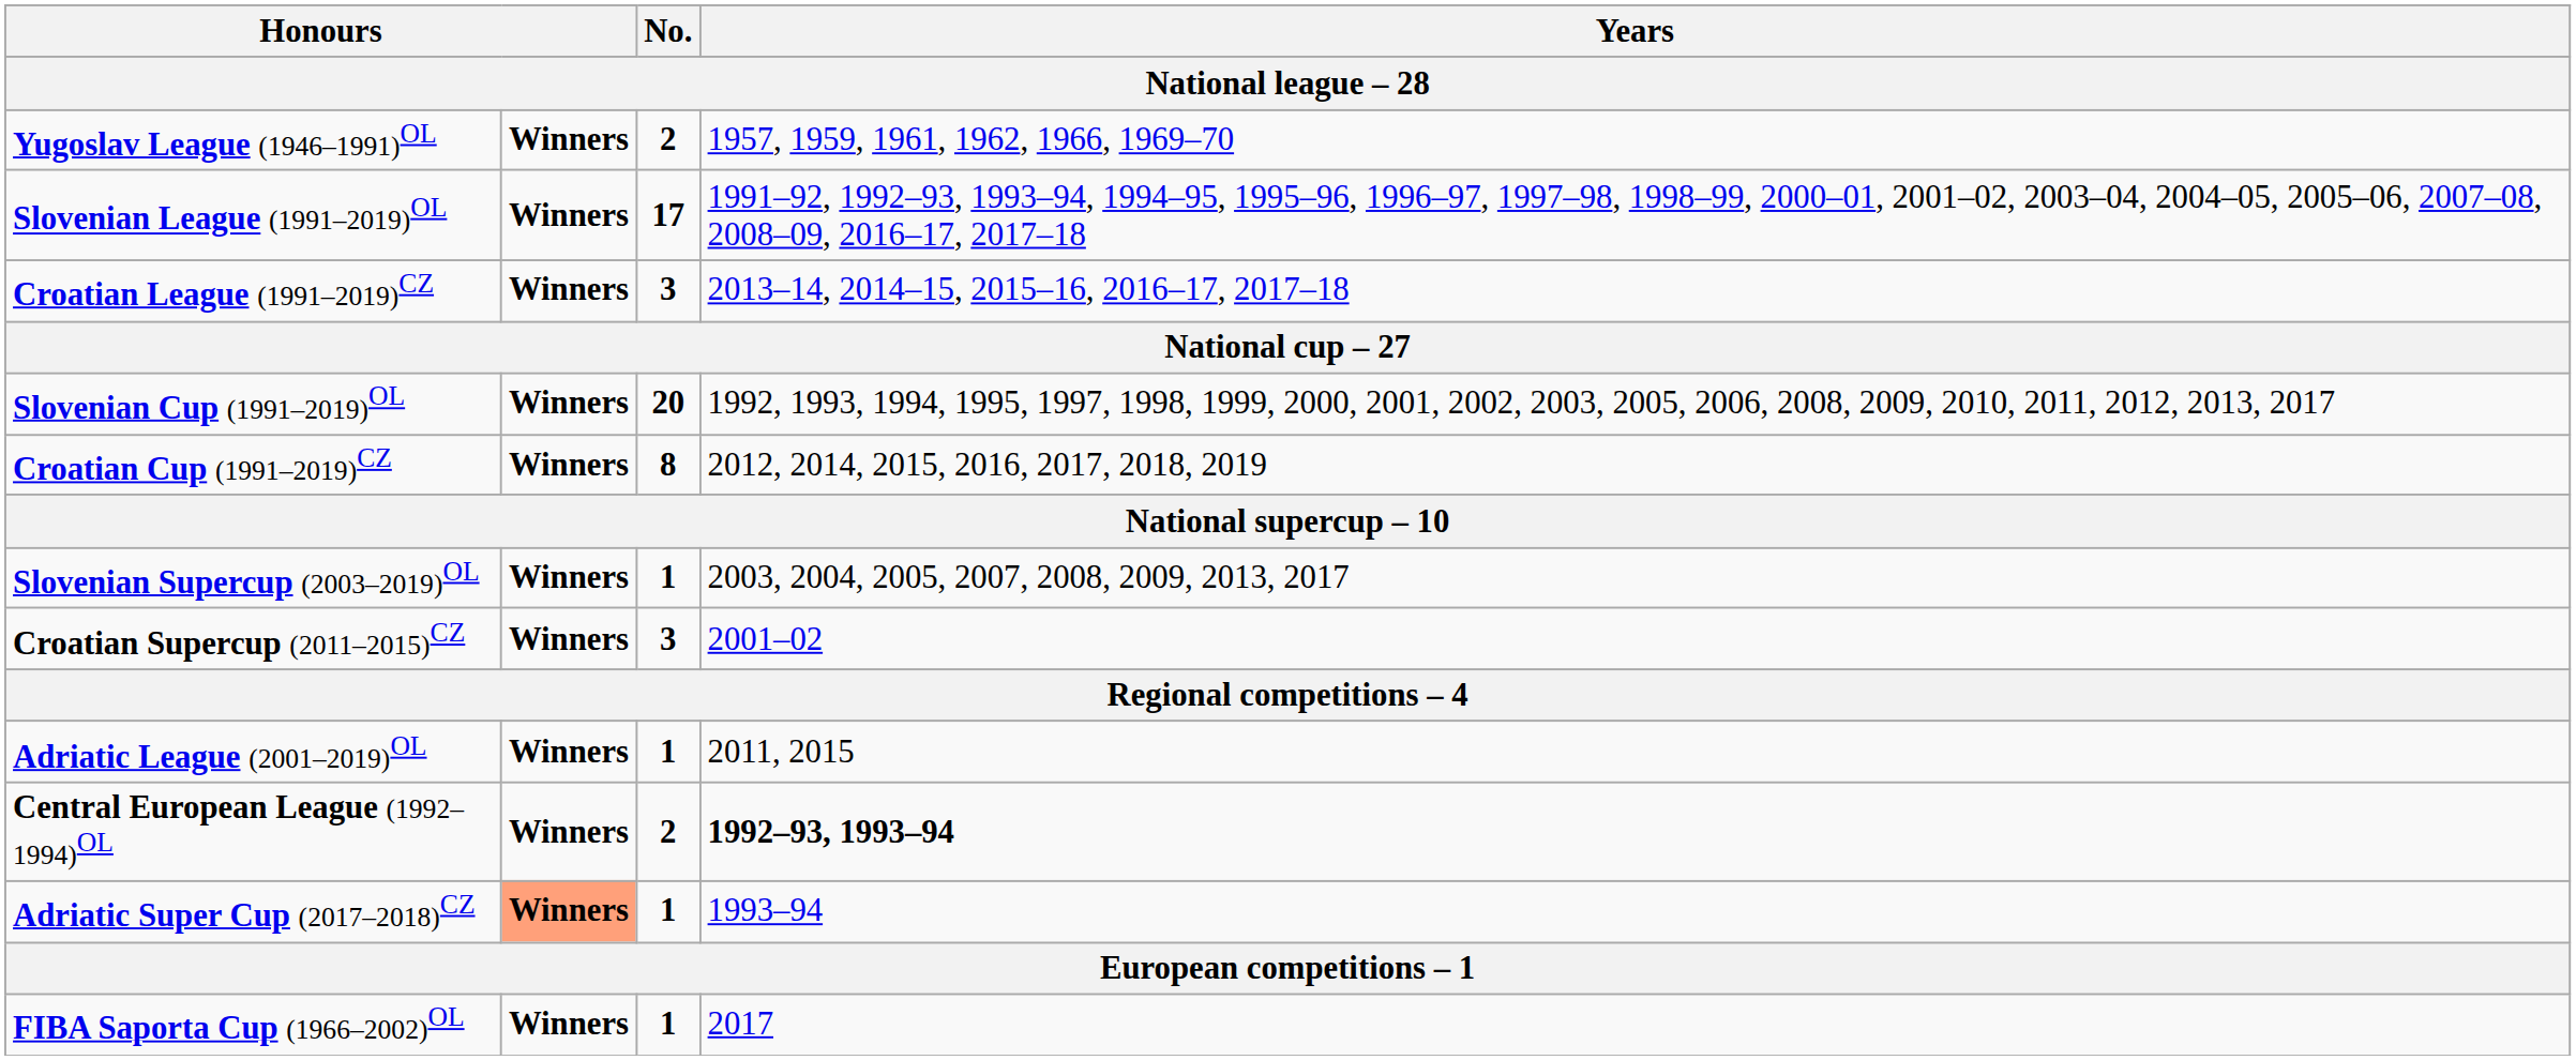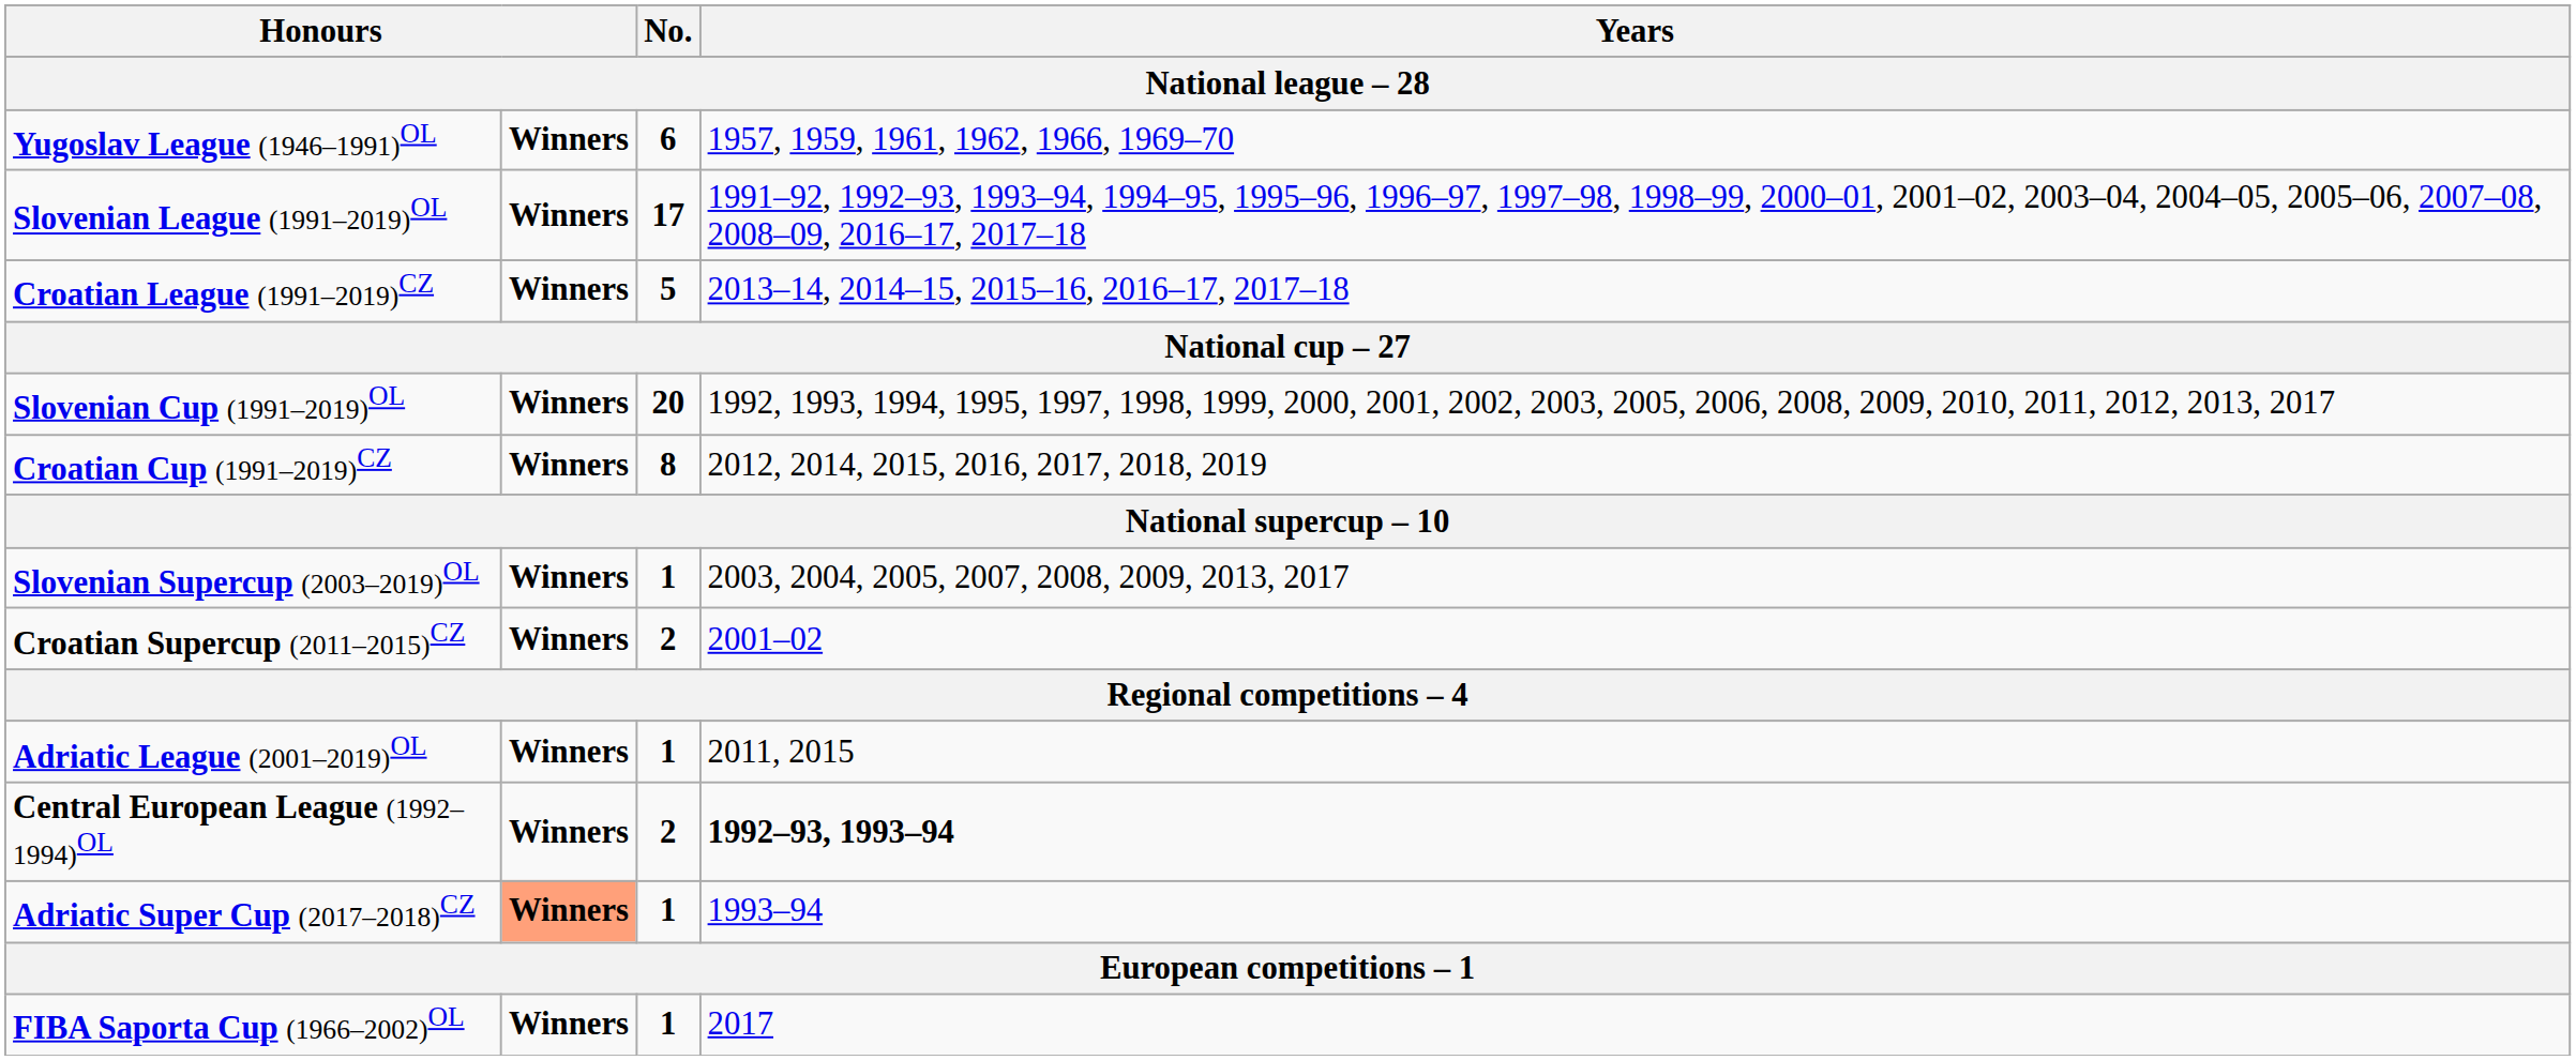 <table class="wikitable">
 <tr>
 <th colspan=2>Honours</th>
 <th>No.</th>
 <th>Years</th>
 </tr>
 <tr>
 <th colspan=6>National league – 28</th>
 </tr>
 <tr>
 <td><strong><a href='#'>Yugoslav League</a></strong> <small>(1946–1991)</small><sup><a href='#'>OL</a></sup></td>
 <td><strong>Winners</strong></td>
-<td align=center><strong>2</strong></td>
+<td align=center><strong>6</strong></td>
 <td><a href='#'>1957</a>, <a href='#'>1959</a>, <a href='#'>1961</a>, <a href='#'>1962</a>, <a href='#'>1966</a>, <a href='#'>1969–70</a></td>
 </tr>
 <tr>
 <td><strong><a href='#'>Slovenian League</a></strong> <small>(1991–2019)</small><sup><a href='#'>OL</a></sup></td>
 <td><strong>Winners</strong></td>
 <td align=center><strong>17</strong></td>
 <td><a href='#'>1991–92</a>, <a href='#'>1992–93</a>, <a href='#'>1993–94</a>, <a href='#'>1994–95</a>, <a href='#'>1995–96</a>, <a href='#'>1996–97</a>, <a href='#'>1997–98</a>, <a href='#'>1998–99</a>, <a href='#'>2000–01</a>, 2001–02, 2003–04, 2004–05, 2005–06, <a href='#'>2007–08</a>, <a href='#'>2008–09</a>, <a href='#'>2016–17</a>, <a href='#'>2017–18</a></td>
 </tr>
 <tr>
 <td><strong><a href='#'>Croatian League</a></strong> <small>(1991–2019)</small><sup><a href='#'>CZ</a></sup></td>
 <td><strong>Winners</strong></td>
-<td align=center><strong>3</strong></td>
+<td align=center><strong>5</strong></td>
 <td><a href='#'>2013–14</a>, <a href='#'>2014–15</a>, <a href='#'>2015–16</a>, <a href='#'>2016–17</a>, <a href='#'>2017–18</a></td>
 </tr>
 <tr>
 <th colspan=6>National cup – 27</th>
 </tr>
 <tr>
 <td><strong><a href='#'>Slovenian Cup</a></strong> <small>(1991–2019)</small><sup><a href='#'>OL</a></sup></td>
 <td><strong>Winners</strong></td>
 <td align=center><strong>20</strong></td>
 <td>1992, 1993, 1994, 1995, 1997, 1998, 1999, 2000, 2001, 2002, 2003, 2005, 2006, 2008, 2009, 2010, 2011, 2012, 2013, 2017</td>
 </tr>
 <tr>
 <td><strong><a href='#'>Croatian Cup</a></strong> <small>(1991–2019)</small><sup><a href='#'>CZ</a></sup></td>
 <td><strong>Winners</strong></td>
 <td align=center><strong>8</strong></td>
 <td>2012, 2014, 2015, 2016, 2017, 2018, 2019</td>
 </tr>
 <tr>
 <th colspan=6>National supercup – 10</th>
 </tr>
 <tr>
 <td><strong><a href='#'>Slovenian Supercup</a></strong> <small>(2003–2019)</small><sup><a href='#'>OL</a></sup></td>
 <td><strong>Winners</strong></td>
 <td align=center><strong>1</strong></td>
 <td>2003, 2004, 2005, 2007, 2008, 2009, 2013, 2017</td>
 </tr>
 <tr>
 <td><strong>Croatian Supercup</strong> <small>(2011–2015)</small><sup><a href='#'>CZ</a></sup></td>
 <td><strong>Winners</strong></td>
-<td align=center><strong>3</strong></td>
+<td align=center><strong>2</strong></td>
 <td><a href='#'>2001–02</a></td>
 </tr>
 <tr>
 <th colspan=6>Regional competitions – 4</th>
 </tr>
 <tr>
 <td><strong><a href='#'>Adriatic League</a></strong> <small>(2001–2019)</small><sup><a href='#'>OL</a></sup></td>
 <td><strong>Winners</strong></td>
 <td align=center><strong>1</strong></td>
 <td>2011, 2015</td>
 </tr>
 <tr>
 <td><strong>Central European League</strong> <small>(1992–1994)</small><sup><a href='#'>OL</a></sup></td>
 <td><strong>Winners</strong></td>
 <td align=center><strong>2</strong></td>
 <td><strong>1992–93, 1993–94</strong></td>
 </tr>
 <tr>
 <td><strong><a href='#'>Adriatic Super Cup</a></strong> <small>(2017–2018)</small><sup><a href='#'>CZ</a></sup></td>
 <td style="background: lightsalmon;"><strong>Winners</strong></td>
 <td align=center><strong>1</strong></td>
 <td><a href='#'>1993–94</a></td>
 </tr>
 <tr>
 <th colspan=6>European competitions – 1</th>
 </tr>
 <tr>
 <td><strong><a href='#'>FIBA Saporta Cup</a></strong> <small>(1966–2002)</small><sup><a href='#'>OL</a></sup></td>
 <td><strong>Winners</strong></td>
 <td align=center><strong>1</strong></td>
 <td><a href='#'>2017</a></td>
 </tr>
 </table>
